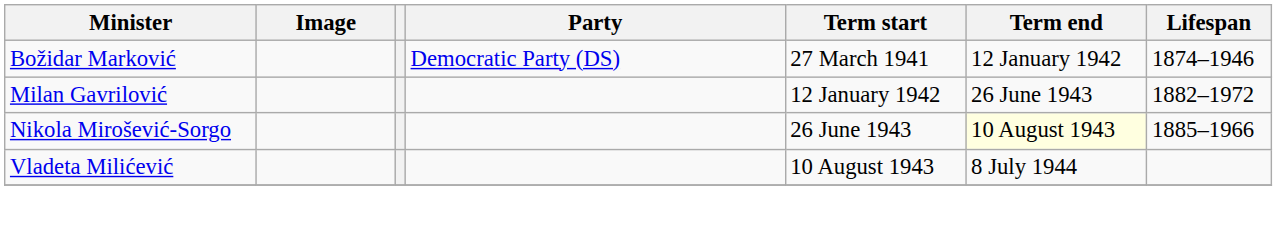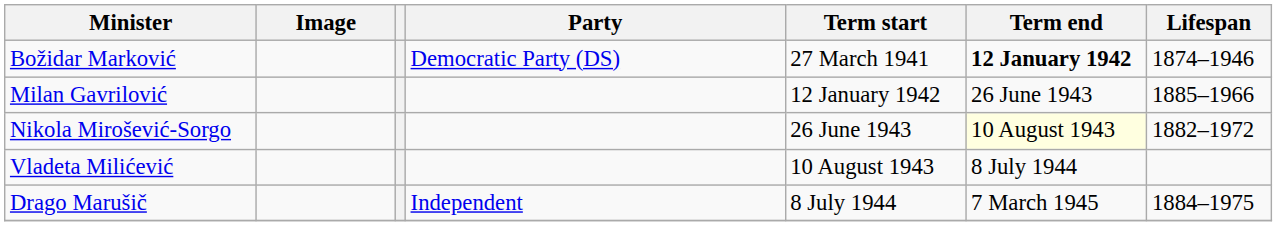 <table class="wikitable" style="text-align: left;">
 <tr>
 <th width="170">Minister</th>
 <th width="90">Image</th>
 <th></th>
 <th width="260">Party</th>
 <th width="120">Term start</th>
 <th width="120">Term end</th>
 <th width="80">Lifespan</th>
 </tr>
 <tr>
 <td><a href='#'>Božidar Marković</a></td>
 <td></td>
 <th style="background:"></th>
 <td><a href='#'>Democratic Party (DS)</a></td>
 <td>27 March 1941</td>
-<td>12 January 1942</td>
+<td><strong>12 January 1942</strong></td>
 <td>1874–1946</td>
 </tr>
 <tr>
 <td><a href='#'>Milan Gavrilović</a></td>
 <td></td>
 <th style="background:"></th>
 <td></td>
 <td>12 January 1942</td>
 <td>26 June 1943</td>
-<td>1882–1972</td>
+<td>1885–1966</td>
 </tr>
 <tr>
 <td><a href='#'>Nikola Mirošević-Sorgo</a></td>
 <td></td>
 <th style="background:"></th>
 <td></td>
 <td>26 June 1943</td>
 <td style="background: lightyellow;">10 August 1943</td>
-<td>1885–1966</td>
+<td>1882–1972</td>
 </tr>
 <tr>
 <td><a href='#'>Vladeta Milićević</a></td>
 <td></td>
 <th style="background:"></th>
 <td></td>
 <td>10 August 1943</td>
 <td>8 July 1944</td>
 <td></td>
 </tr>
 <tr>
+<td><a href='#'>Drago Marušič</a></td>
+<td></td>
+<th style="background:"></th>
+<td><a href='#'>Independent</a></td>
+<td>8 July 1944</td>
+<td>7 March 1945</td>
+<td>1884–1975</td>
+</tr>
+<tr>
 </tr>
 </table>
